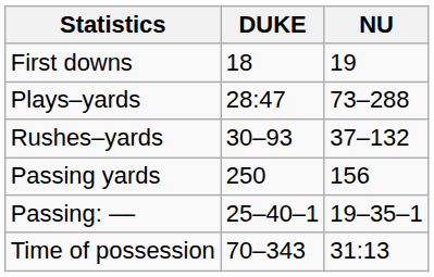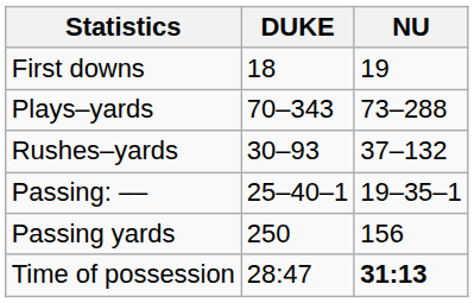 <table class="wikitable" style="float:left">
 <tr>
 <th>Statistics</th>
 <th>DUKE</th>
 <th>NU</th>
 </tr>
 <tr>
 <td>First downs</td>
 <td>18</td>
 <td>19</td>
 </tr>
 <tr>
 <td>Plays–yards</td>
-<td>28:47</td>
+<td>70–343</td>
 <td>73–288</td>
 </tr>
 <tr>
 <td>Rushes–yards</td>
 <td>30–93</td>
 <td>37–132</td>
 </tr>
 <tr>
+<td>Passing: ––</td>
+<td>25–40–1</td>
+<td>19–35–1</td>
+</tr>
+<tr>
 <td>Passing yards</td>
 <td>250</td>
 <td>156</td>
 </tr>
 <tr>
-<td>Passing: ––</td>
-<td>25–40–1</td>
-<td>19–35–1</td>
-</tr>
-<tr>
 <td>Time of possession</td>
-<td>70–343</td>
-<td>31:13</td>
+<td>28:47</td>
+<td><strong>31:13</strong></td>
 </tr>
 </table>
